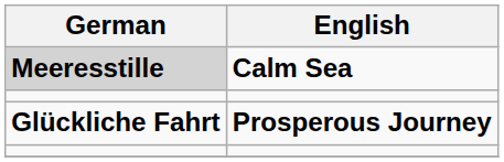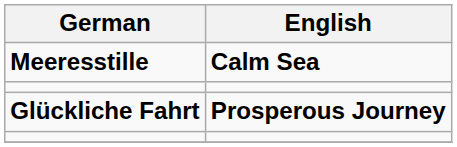 <table class="wikitable">
 <tr>
 <th>German</th>
 <th>English</th>
 </tr>
 <tr>
-<td style="background: lightgrey;"><strong>Meeresstille</strong></td>
+<td><strong>Meeresstille</strong></td>
 <td><strong>Calm Sea</strong></td>
 </tr>
 <tr>
 <td></td>
 <td></td>
 </tr>
 <tr>
 <td><strong>Glückliche Fahrt</strong></td>
 <td><strong>Prosperous Journey</strong></td>
 </tr>
 <tr>
 <td></td>
 <td></td>
 </tr>
 <tr>
 </tr>
 </table>
